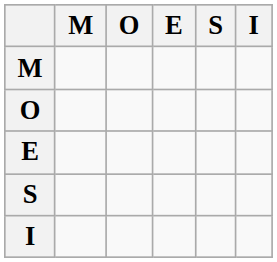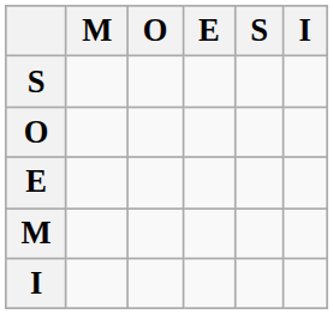 <table class=wikitable style=text-align:center>
 <tr>
 <th></th>
 <th> M </th>
 <th> O </th>
 <th> E </th>
 <th> S </th>
 <th> I </th>
 </tr>
 <tr>
-<th> M </th>
+<th> S </th>
 <td></td>
 <td></td>
 <td></td>
 <td></td>
 <td></td>
 </tr>
 <tr>
 <th> O </th>
 <td></td>
 <td></td>
 <td></td>
 <td></td>
 <td></td>
 </tr>
 <tr>
 <th> E </th>
 <td></td>
 <td></td>
 <td></td>
 <td></td>
 <td></td>
 </tr>
 <tr>
-<th> S </th>
+<th> M </th>
 <td></td>
 <td></td>
 <td></td>
 <td></td>
 <td></td>
 </tr>
 <tr>
 <th> I </th>
 <td></td>
 <td></td>
 <td></td>
 <td></td>
 <td></td>
 </tr>
 </table>
